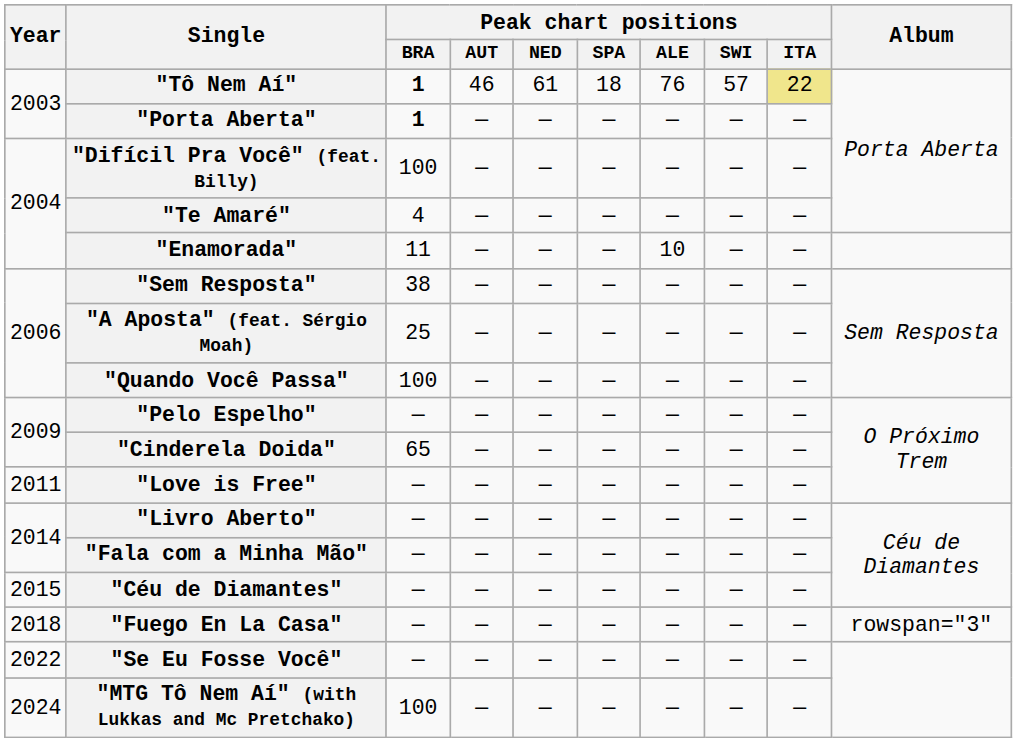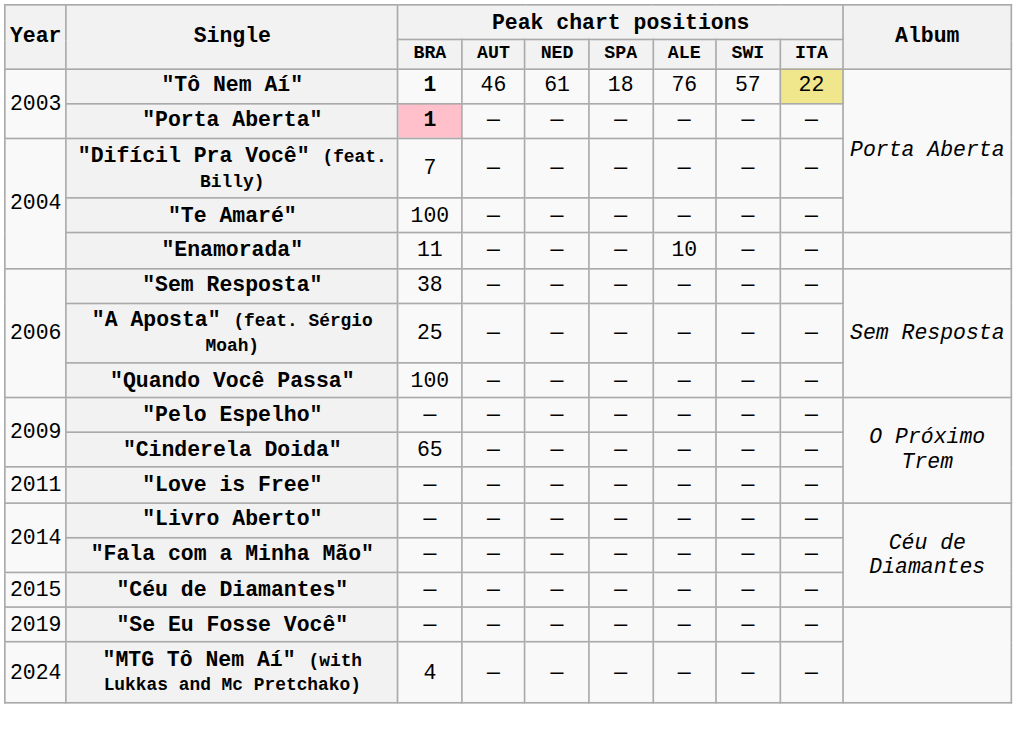 <table class="wikitable plainrowheaders" style="text-align:center;" border="1">
 <tr>
 <th scope="col" rowspan="2">Year</th>
 <th scope="col" rowspan="2">Single</th>
 <th scope="col" colspan="7">Peak chart positions</th>
 <th scope="col" rowspan="2">Album</th>
 </tr>
 <tr>
 <th scope="col" style="width:3em;font-size:85%;">BRA</th>
 <th scope="col" style="width:3em;font-size:85%;">AUT</th>
 <th scope="col" style="width:3em;font-size:85%;">NED</th>
 <th scope="col" style="width:3em;font-size:85%;">SPA</th>
 <th scope="col" style="width:3em;font-size:85%;">ALE</th>
 <th scope="col" style="width:3em;font-size:85%;">SWI</th>
 <th scope="col" style="width:3em;font-size:85%;">ITA</th>
 </tr>
 <tr>
 <td rowspan="2">2003</td>
 <th scope="row">"Tô Nem Aí"</th>
 <td><strong>1</strong></td>
 <td>46</td>
 <td>61</td>
 <td>18</td>
 <td>76</td>
 <td>57</td>
 <td style="background: khaki;">22</td>
 <td rowspan="4"><em>Porta Aberta</em></td>
 </tr>
 <tr>
 <th scope="row">"Porta Aberta"</th>
-<td><strong>1</strong></td>
+<td style="background: pink;"><strong>1</strong></td>
 <td>—</td>
 <td>—</td>
 <td>—</td>
 <td>—</td>
 <td>—</td>
 <td>—</td>
 </tr>
 <tr>
 <td rowspan="3">2004</td>
 <th scope="row">"Difícil Pra Você" <small>(feat. Billy)</small></th>
-<td>100</td>
+<td>7</td>
 <td>—</td>
 <td>—</td>
 <td>—</td>
 <td>—</td>
 <td>—</td>
 <td>—</td>
 </tr>
 <tr>
 <th scope="row">"Te Amaré"</th>
-<td>4</td>
+<td>100</td>
 <td>—</td>
 <td>—</td>
 <td>—</td>
 <td>—</td>
 <td>—</td>
 <td>—</td>
 </tr>
 <tr>
 <th scope="row">"Enamorada"</th>
 <td>11</td>
 <td>—</td>
 <td>—</td>
 <td>—</td>
 <td>10</td>
 <td>—</td>
 <td>—</td>
 <td></td>
 </tr>
 <tr>
 <td rowspan="3">2006</td>
 <th scope="row">"Sem Resposta"</th>
 <td>38</td>
 <td>—</td>
 <td>—</td>
 <td>—</td>
 <td>—</td>
 <td>—</td>
 <td>—</td>
 <td rowspan="3"><em>Sem Resposta</em></td>
 </tr>
 <tr>
 <th scope="row">"A Aposta" <small>(feat. Sérgio Moah)</small></th>
 <td>25</td>
 <td>—</td>
 <td>—</td>
 <td>—</td>
 <td>—</td>
 <td>—</td>
 <td>—</td>
 </tr>
 <tr>
 <th scope="row">"Quando Você Passa"</th>
 <td>100</td>
 <td>—</td>
 <td>—</td>
 <td>—</td>
 <td>—</td>
 <td>—</td>
 <td>—</td>
 </tr>
 <tr>
 <td rowspan="2">2009</td>
 <th scope="row">"Pelo Espelho"</th>
 <td>—</td>
 <td>—</td>
 <td>—</td>
 <td>—</td>
 <td>—</td>
 <td>—</td>
 <td>—</td>
 <td rowspan="3"><em>O Próximo Trem</em></td>
 </tr>
 <tr>
 <th scope="row">"Cinderela Doida"</th>
 <td>65</td>
 <td>—</td>
 <td>—</td>
 <td>—</td>
 <td>—</td>
 <td>—</td>
 <td>—</td>
 </tr>
 <tr>
 <td rowspan="1">2011</td>
 <th scope="row">"Love is Free"</th>
 <td>—</td>
 <td>—</td>
 <td>—</td>
 <td>—</td>
 <td>—</td>
 <td>—</td>
 <td>—</td>
 </tr>
 <tr>
 <td rowspan="2">2014</td>
 <th scope="row">"Livro Aberto"</th>
 <td>—</td>
 <td>—</td>
 <td>—</td>
 <td>—</td>
 <td>—</td>
 <td>—</td>
 <td>—</td>
 <td rowspan="3"><em>Céu de Diamantes</em></td>
 </tr>
 <tr>
 <th scope="row">"Fala com a Minha Mão"</th>
 <td>—</td>
 <td>—</td>
 <td>—</td>
 <td>—</td>
 <td>—</td>
 <td>—</td>
 <td>—</td>
 </tr>
 <tr>
 <td rowspan="1">2015</td>
 <th scope="row">"Céu de Diamantes"</th>
 <td>—</td>
 <td>—</td>
 <td>—</td>
 <td>—</td>
 <td>—</td>
 <td>—</td>
 <td>—</td>
 </tr>
 <tr>
-<td rowspan="1">2018</td>
-<th scope="row">"Fuego En La Casa"</th>
-<td>—</td>
-<td>—</td>
-<td>—</td>
-<td>—</td>
-<td>—</td>
-<td>—</td>
-<td>—</td>
-<td>rowspan="3" </td>
-</tr>
-<tr>
-<td rowspan="1">2022</td>
+<td rowspan="1">2019</td>
 <th scope="row">"Se Eu Fosse Você"</th>
 <td>—</td>
 <td>—</td>
 <td>—</td>
 <td>—</td>
 <td>—</td>
 <td>—</td>
 <td>—</td>
 </tr>
 <tr>
 <td rowspan="1">2024</td>
 <th scope="row">"MTG Tô Nem Aí" <small>(with Lukkas and Mc Pretchako)</small></th>
-<td>100</td>
+<td>4</td>
 <td>—</td>
 <td>—</td>
 <td>—</td>
 <td>—</td>
 <td>—</td>
 <td>—</td>
 </tr>
 </table>
